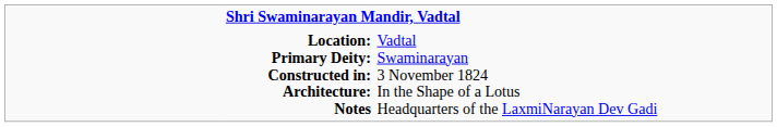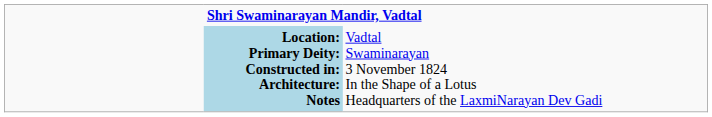 <table class="wikitable plain" border="0" width="800">
 <tr>
 <td width="220px" rowspan="2" style="border:none;"></td>
 <td valign="top" colspan=2 style="border:none;"><strong><a href='#'>Shri Swaminarayan Mandir, Vadtal</a></strong></td>
 </tr>
 <tr>
-<td valign="top" style="text-align:right; border:none;"><strong>Location:</strong> <br><strong>Primary Deity:</strong><br><strong>Constructed in:</strong><br><strong>Architecture:</strong><br><strong>Notes</strong></td>
+<td valign="top" style="background: lightblue; text-align:right; border:none;"><strong>Location:</strong> <br><strong>Primary Deity:</strong><br><strong>Constructed in:</strong><br><strong>Architecture:</strong><br><strong>Notes</strong></td>
 <td valign="top" style="border:none;"><a href='#'>Vadtal</a><br><a href='#'>Swaminarayan</a> <br>3 November 1824 <br>In the Shape of a Lotus  <br>Headquarters of the <a href='#'>LaxmiNarayan Dev Gadi</a></td>
 </tr>
 </table>
